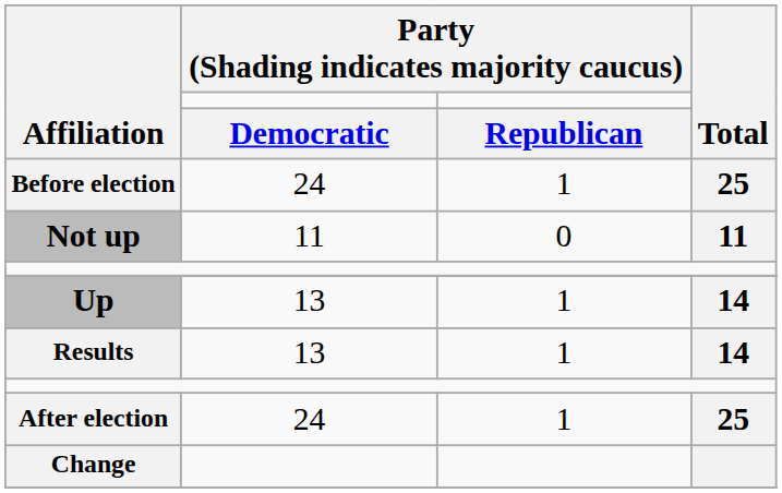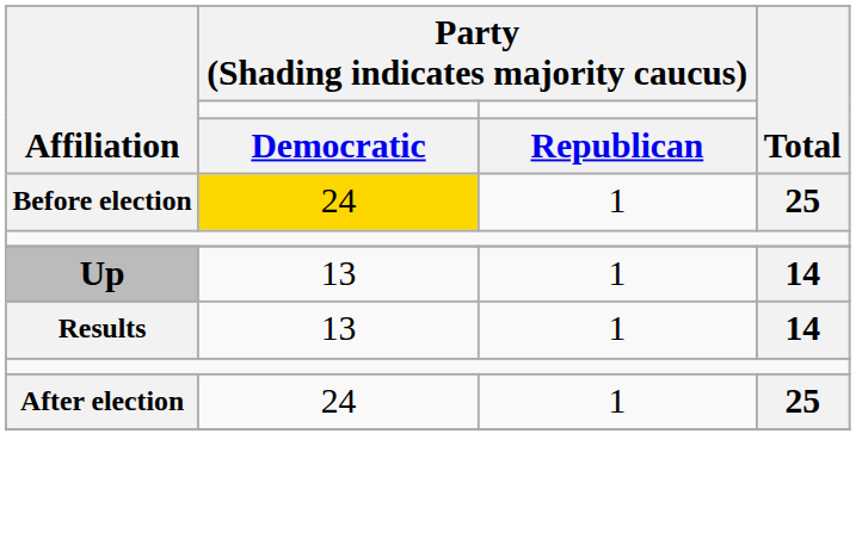 <table class=wikitable style="text-align:center">
 <tr style="vertical-align:bottom;">
 <th rowspan=3>Affiliation</th>
 <th colspan=2>Party <div>(Shading indicates majority caucus)</div></th>
 <th rowspan=3>Total</th>
 </tr>
 <tr style="height:5px">
 <td style="background-color:"></td>
 <td style="background-color:"></td>
 </tr>
 <tr>
 <th><a href='#'>Democratic</a></th>
 <th><a href='#'>Republican</a></th>
 </tr>
 <tr>
 <th nowrap style="font-size:80%">Before election</th>
-<td>24</td>
+<td style="background: gold;">24</td>
 <td>1</td>
 <th>25</th>
-</tr>
-<tr>
-<th style="background:#bbb">Not up</th>
-<td>11</td>
-<td>0</td>
-<th>11</th>
 </tr>
 <tr>
 <td colspan=4></td>
 </tr>
 <tr>
 </tr>
 <tr>
 <th style="background:#bbb">Up</th>
 <td>13</td>
 <td>1</td>
 <th>14</th>
 </tr>
 <tr>
 <th nowrap style="font-size:80%">Results</th>
 <td>13</td>
 <td>1</td>
 <th>14</th>
 </tr>
 <tr>
 <td colspan=4></td>
 </tr>
 <tr>
 <th nowrap style="font-size:80%">After election</th>
 <td>24</td>
 <td>1</td>
 <th>25</th>
 </tr>
 <tr>
-<th nowrap style="font-size:80%">Change</th>
-<td></td>
-<td></td>
-<th></th>
-</tr>
-<tr>
 </tr>
 </table>
